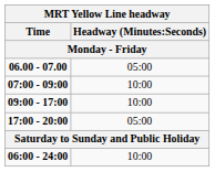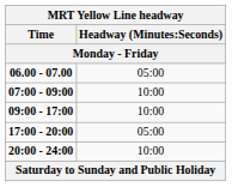 <table class="wikitable" style="margin:auto;font-align:center;text-align:center;font-size:80%;">
 <tr>
 <th colspan="2" style="background:#"><strong>MRT Yellow Line headway</strong></th>
 </tr>
 <tr>
 <th style="background:#">Time</th>
 <th style="background:#">Headway (Minutes:Seconds)</th>
 </tr>
 <tr>
 <th colspan="2">Monday - Friday</th>
 </tr>
 <tr>
 <td><strong>06.00 - 07.00</strong></td>
 <td>05:00</td>
 </tr>
 <tr>
 <td><strong>07:00 - 09:00</strong></td>
 <td>10:00</td>
 </tr>
 <tr>
 <td><strong>09:00 - 17:00</strong></td>
 <td>10:00</td>
 </tr>
 <tr>
 <td><strong>17:00 - 20:00</strong></td>
 <td>05:00</td>
 </tr>
 <tr>
+<td><strong>20:00 - 24:00</strong></td>
+<td>10:00</td>
+</tr>
+<tr>
 <th colspan="2">Saturday to Sunday and Public Holiday</th>
 </tr>
-<tr>
-<td><strong>06:00 - 24:00</strong></td>
-<td>10:00</td>
-</tr>
 </table>
